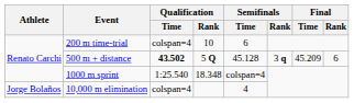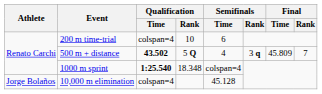 <table class=wikitable style=font-size:90%;text-align:center>
 <tr>
 <th rowspan=2>Athlete</th>
 <th rowspan=2>Event</th>
 <th colspan=2>Qualification</th>
 <th colspan=2>Semifinals</th>
 <th colspan=2>Final</th>
 </tr>
 <tr style=font-size:95%>
 <th>Time</th>
 <th>Rank</th>
 <th>Time</th>
 <th>Rank</th>
 <th>Time</th>
 <th>Rank</th>
 </tr>
 <tr align=center>
 <td align=left rowspan=3><a href='#'>Renato Carchi</a></td>
 <td align=left><a href='#'>200 m time-trial</a></td>
 <td>colspan=4 </td>
 <td>10</td>
 <td align=center>6</td>
 </tr>
 <tr align=center>
 <td align=left><a href='#'>500 m + distance</a></td>
 <td><strong>43.502</strong></td>
 <td>5 <strong>Q</strong></td>
-<td>45.128</td>
+<td>4</td>
 <td>3 <strong>q</strong></td>
-<td>45.209</td>
-<td>6</td>
+<td>45.809</td>
+<td>7</td>
 </tr>
 <tr align=center>
 <td align=left><a href='#'>1000 m sprint</a></td>
-<td>1:25.540</td>
+<td><strong>1:25.540</strong></td>
 <td align=center>18.348</td>
 <td>colspan=4 </td>
 </tr>
 <tr align=center>
 <td align=left><a href='#'>Jorge Bolaños</a></td>
 <td align=left><a href='#'>10,000 m elimination</a></td>
 <td>colspan=4 </td>
 <td></td>
-<td>4</td>
+<td>45.128</td>
 </tr>
 </table>
